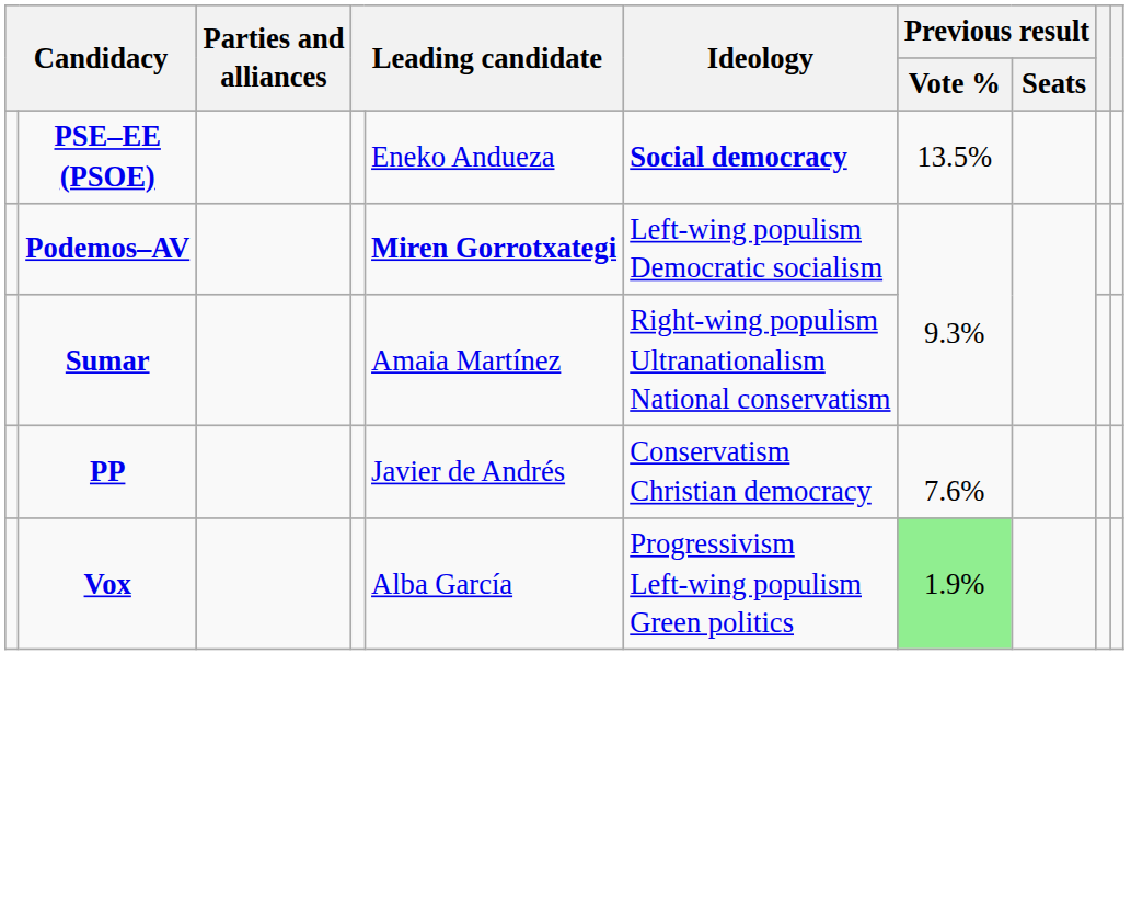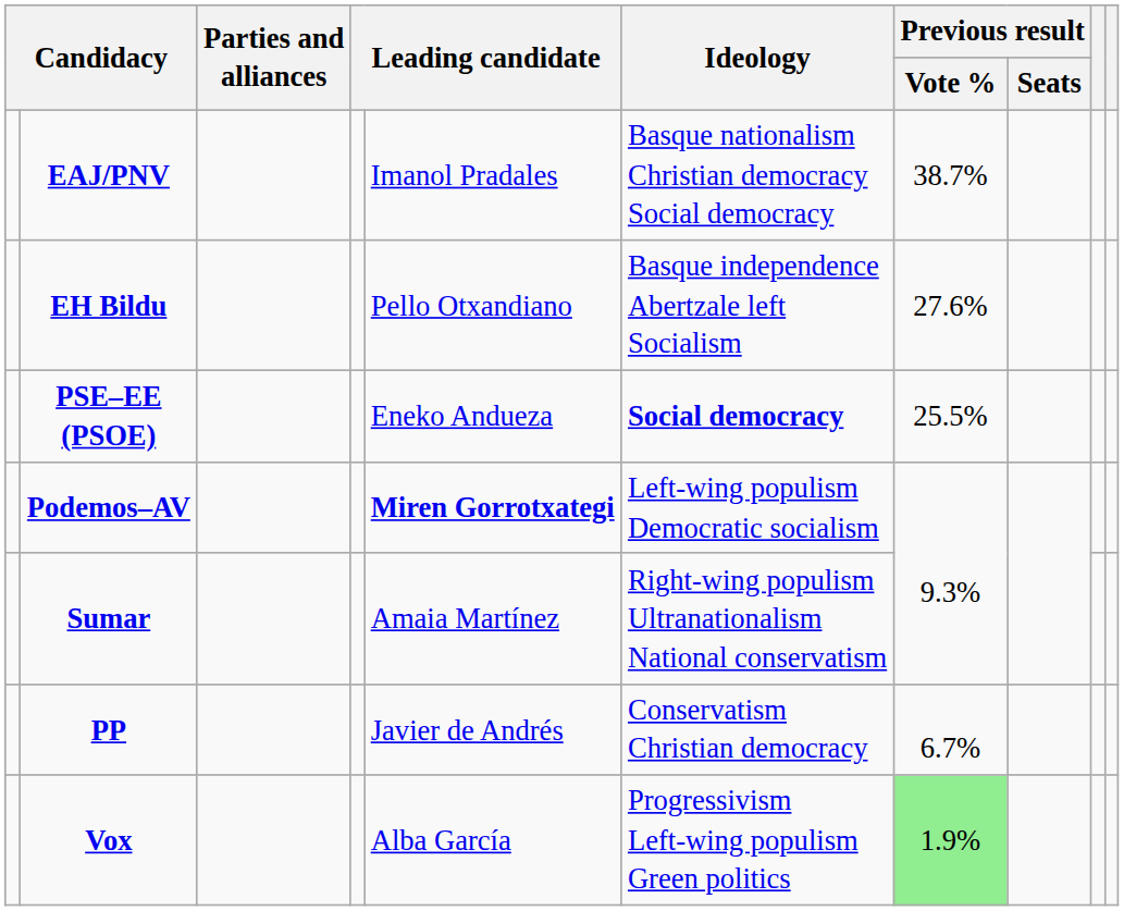 <table class="wikitable" style="line-height:1.35em; text-align:left;">
 <tr>
 <th colspan="2" rowspan="2">Candidacy</th>
 <th rowspan="2">Parties and<br>alliances</th>
 <th colspan="2" rowspan="2">Leading candidate</th>
 <th rowspan="2">Ideology</th>
 <th colspan="2">Previous result</th>
 <th rowspan="2"></th>
 <th rowspan="2"></th>
 </tr>
 <tr>
 <th>Vote %</th>
 <th>Seats</th>
 </tr>
 <tr>
+<td width="1" style="color:inherit;background:"></td>
+<td align="center"><strong><a href='#'>EAJ/PNV</a></strong></td>
+<td></td>
+<td></td>
+<td><a href='#'>Imanol Pradales</a></td>
+<td><a href='#'>Basque nationalism</a><br><a href='#'>Christian democracy</a><br><a href='#'>Social democracy</a></td>
+<td align="center">38.7%</td>
+<td></td>
+<td></td>
+<td><br></td>
+</tr>
+<tr>
+<td style="color:inherit;background:"></td>
+<td align="center"><strong><a href='#'>EH Bildu</a></strong></td>
+<td></td>
+<td></td>
+<td><a href='#'>Pello Otxandiano</a></td>
+<td><a href='#'>Basque independence</a><br><a href='#'>Abertzale left</a><br><a href='#'>Socialism</a></td>
+<td align="center">27.6%</td>
+<td></td>
+<td></td>
+<td><br></td>
+</tr>
+<tr>
 <td style="color:inherit;background:"></td>
 <td align="center"><strong><a href='#'>PSE–EE<br>(PSOE)</a></strong></td>
 <td></td>
 <td></td>
 <td><a href='#'>Eneko Andueza</a></td>
 <td><strong><a href='#'>Social democracy</a></strong></td>
-<td align="center">13.5%</td>
+<td align="center">25.5%</td>
 <td></td>
 <td></td>
 <td></td>
 </tr>
 <tr>
 <td style="color:inherit;background:"></td>
 <td align="center"><strong><a href='#'>Podemos–AV</a></strong></td>
 <td></td>
 <td></td>
 <td><strong><a href='#'>Miren Gorrotxategi</a></strong></td>
 <td><a href='#'>Left-wing populism</a><br><a href='#'>Democratic socialism</a></td>
 <td rowspan="2" align="center"><br>9.3%<br></td>
 <td rowspan="2"></td>
 <td></td>
 <td><br><br></td>
 </tr>
 <tr>
 <td style="color:inherit;background:"></td>
 <td align="center"><strong><a href='#'>Sumar</a></strong></td>
 <td></td>
 <td></td>
 <td><a href='#'>Amaia Martínez</a></td>
 <td><a href='#'>Right-wing populism</a><br><a href='#'>Ultranationalism</a><br><a href='#'>National conservatism</a></td>
 <td></td>
 <td><br></td>
 </tr>
 <tr>
 <td style="color:inherit;background:"></td>
 <td align="center"><strong><a href='#'>PP</a></strong></td>
 <td></td>
 <td></td>
 <td><a href='#'>Javier de Andrés</a></td>
 <td><a href='#'>Conservatism</a><br><a href='#'>Christian democracy</a></td>
-<td align="center"><br>7.6%<br></td>
+<td align="center"><br>6.7%<br></td>
 <td></td>
 <td></td>
 <td></td>
 </tr>
 <tr>
 <td style="color:inherit;background:"></td>
 <td align="center"><strong><a href='#'>Vox</a></strong></td>
 <td></td>
 <td></td>
 <td><a href='#'>Alba García</a></td>
 <td><a href='#'>Progressivism</a><br><a href='#'>Left-wing populism</a><br><a href='#'>Green politics</a></td>
 <td align="center" style="background: lightgreen;">1.9%</td>
 <td></td>
 <td></td>
 <td></td>
 </tr>
 </table>
